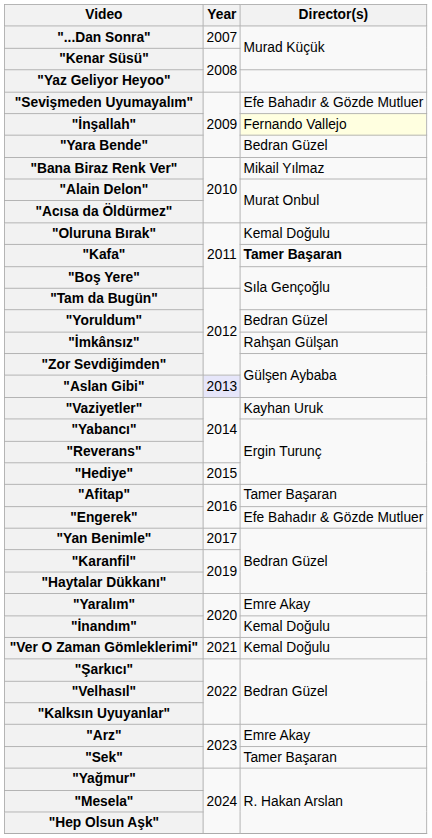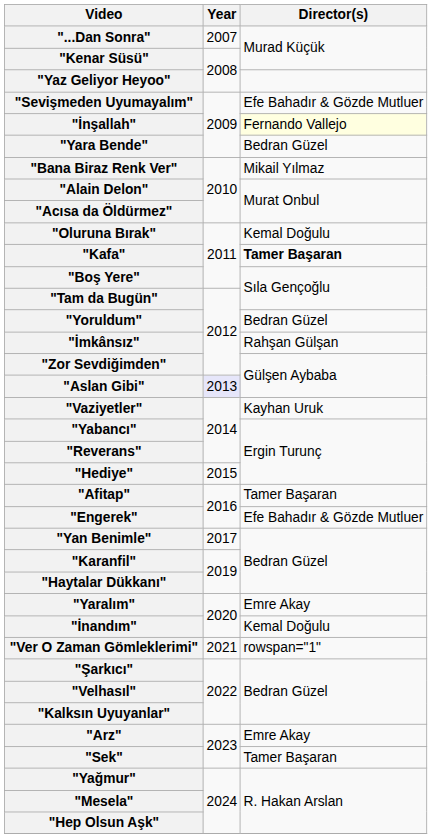 <table class="wikitable plainrowheaders">
 <tr>
 <th scope="col" style="width:14em;">Video</th>
 <th scope="col">Year</th>
 <th scope="col">Director(s)</th>
 </tr>
 <tr>
 <th scope="row">"...Dan Sonra"</th>
 <td align="center">2007</td>
 <td rowspan="2">Murad Küçük</td>
 </tr>
 <tr>
 <th scope="row">"Kenar Süsü"</th>
 <td align="center" rowspan="2">2008</td>
 </tr>
 <tr>
 <th scope="row">"Yaz Geliyor Heyoo"</th>
 <td></td>
 </tr>
 <tr>
 <th scope="row">"Sevişmeden Uyumayalım"</th>
 <td align="center" rowspan="3">2009</td>
 <td>Efe Bahadır & Gözde Mutluer</td>
 </tr>
 <tr>
 <th scope="row">"İnşallah"</th>
 <td style="background: lightyellow;">Fernando Vallejo</td>
 </tr>
 <tr>
 <th scope="row">"Yara Bende"</th>
 <td rowspan="1">Bedran Güzel</td>
 </tr>
 <tr>
 <th scope="row">"Bana Biraz Renk Ver"</th>
 <td align="center" rowspan="3">2010</td>
 <td rowspan="1">Mikail Yılmaz</td>
 </tr>
 <tr>
 <th scope="row">"Alain Delon"</th>
 <td rowspan="2">Murat Onbul</td>
 </tr>
 <tr>
 <th scope="row">"Acısa da Öldürmez"</th>
 </tr>
 <tr>
 <th scope="row">"Oluruna Bırak"</th>
 <td align="center" rowspan="3">2011</td>
 <td>Kemal Doğulu</td>
 </tr>
 <tr>
 <th scope="row">"Kafa"</th>
 <td><strong>Tamer Başaran</strong></td>
 </tr>
 <tr>
 <th scope="row">"Boş Yere"</th>
 <td rowspan="2">Sıla Gençoğlu</td>
 </tr>
 <tr>
 <th scope="row">"Tam da Bugün"</th>
 <td align="center" rowspan="4">2012</td>
 </tr>
 <tr>
 <th scope="row">"Yoruldum"</th>
 <td>Bedran Güzel</td>
 </tr>
 <tr>
 <th scope="row">"İmkânsız"</th>
 <td>Rahşan Gülşan</td>
 </tr>
 <tr>
 <th scope="row">"Zor Sevdiğimden"</th>
 <td rowspan="2">Gülşen Aybaba</td>
 </tr>
 <tr>
 <th scope="row">"Aslan Gibi"</th>
 <td align="center" style="background: lavender;">2013</td>
 </tr>
 <tr>
 <th scope="row">"Vaziyetler"</th>
 <td align="center" rowspan="3">2014</td>
 <td rowspan="1">Kayhan Uruk</td>
 </tr>
 <tr>
 <th scope="row">"Yabancı"</th>
 <td rowspan="3">Ergin Turunç</td>
 </tr>
 <tr>
 <th scope="row">"Reverans"</th>
 </tr>
 <tr>
 <th scope="row">"Hediye"</th>
 <td align="center">2015</td>
 </tr>
 <tr>
 <th scope="row">"Afitap"</th>
 <td align="center" rowspan="2">2016</td>
 <td>Tamer Başaran</td>
 </tr>
 <tr>
 <th scope="row">"Engerek"</th>
 <td>Efe Bahadır & Gözde Mutluer</td>
 </tr>
 <tr>
 <th scope="row">"Yan Benimle"</th>
 <td align="center">2017</td>
 <td rowspan="3">Bedran Güzel</td>
 </tr>
 <tr>
 <th scope="row">"Karanfil"</th>
 <td align="center" rowspan="2">2019</td>
 </tr>
 <tr>
 <th scope="row">"Haytalar Dükkanı"</th>
 </tr>
 <tr>
 <th scope="row">"Yaralım"</th>
 <td align="center" rowspan="2">2020</td>
 <td>Emre Akay</td>
 </tr>
 <tr>
 <th scope="row">"İnandım"</th>
 <td>Kemal Doğulu</td>
 </tr>
 <tr>
 <th scope="row">"Ver O Zaman Gömleklerimi"</th>
 <td align="center" rowspan="1">2021</td>
-<td>Kemal Doğulu</td>
+<td>rowspan="1" </td>
 </tr>
 <tr>
 <th scope="row">"Şarkıcı"</th>
 <td align="center" rowspan="3">2022</td>
 <td rowspan="3">Bedran Güzel</td>
 </tr>
 <tr>
 <th scope="row">"Velhasıl"</th>
 </tr>
 <tr>
 <th scope="row">"Kalksın Uyuyanlar"</th>
 </tr>
 <tr>
 <th scope="row">"Arz"</th>
 <td align="center" rowspan="2">2023</td>
 <td>Emre Akay</td>
 </tr>
 <tr>
 <th scope="row">"Sek"</th>
 <td>Tamer Başaran</td>
 </tr>
 <tr>
 <th scope="row">"Yağmur"</th>
 <td align="center" rowspan="3">2024</td>
 <td rowspan="3">R. Hakan Arslan</td>
 </tr>
 <tr>
 <th scope="row">"Mesela"</th>
 </tr>
 <tr>
 <th scope="row">"Hep Olsun Aşk"</th>
 </tr>
 <tr>
 </tr>
 </table>
